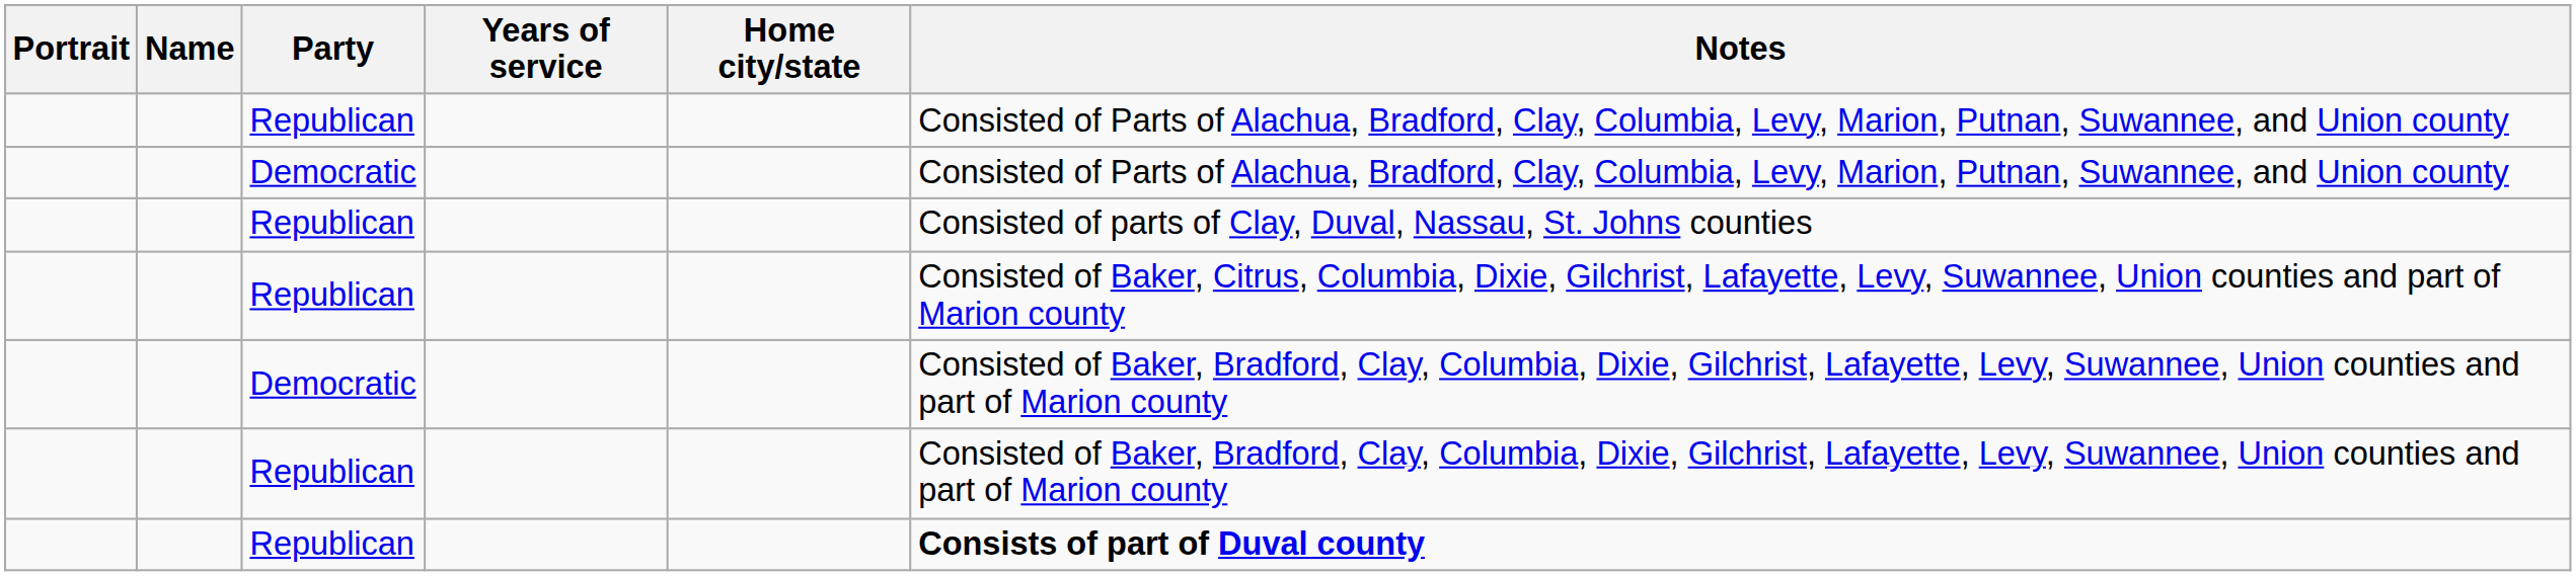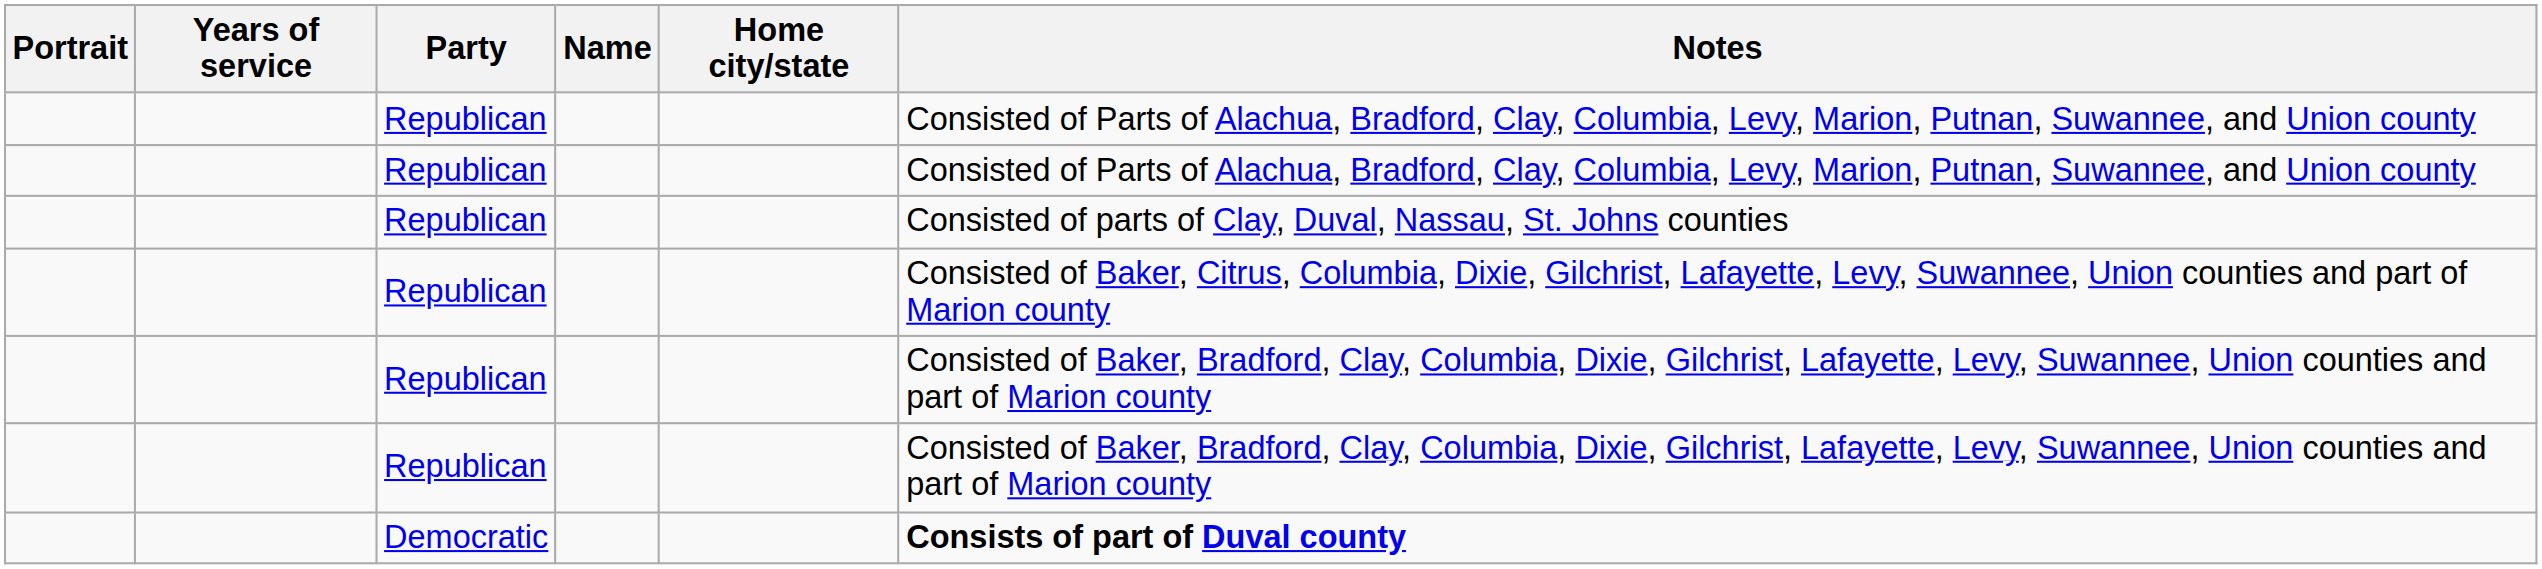 <table class="wikitable sortable">
 <tr>
 <th>Portrait</th>
+<th>Years of service</th>
+<th>Party</th>
 <th>Name</th>
-<th>Party</th>
-<th>Years of service</th>
 <th>Home city/state</th>
 <th>Notes</th>
 </tr>
 <tr>
 <td></td>
 <td></td>
 <td><a href='#'>Republican</a></td>
 <td></td>
 <td></td>
 <td>Consisted of Parts of <a href='#'>Alachua</a>, <a href='#'>Bradford</a>, <a href='#'>Clay</a>, <a href='#'>Columbia</a>, <a href='#'>Levy</a>, <a href='#'>Marion</a>, <a href='#'>Putnan</a>, <a href='#'>Suwannee</a>, and <a href='#'>Union county</a></td>
 </tr>
 <tr>
 <td></td>
 <td></td>
-<td><a href='#'>Democratic</a></td>
+<td><a href='#'>Republican</a></td>
 <td></td>
 <td></td>
 <td>Consisted of Parts of <a href='#'>Alachua</a>, <a href='#'>Bradford</a>, <a href='#'>Clay</a>, <a href='#'>Columbia</a>, <a href='#'>Levy</a>, <a href='#'>Marion</a>, <a href='#'>Putnan</a>, <a href='#'>Suwannee</a>, and <a href='#'>Union county</a></td>
 </tr>
 <tr>
 <td></td>
 <td></td>
 <td><a href='#'>Republican</a></td>
 <td></td>
 <td></td>
 <td>Consisted of parts of <a href='#'>Clay</a>, <a href='#'>Duval</a>, <a href='#'>Nassau</a>, <a href='#'>St. Johns</a> counties</td>
 </tr>
 <tr>
 <td></td>
 <td></td>
 <td><a href='#'>Republican</a></td>
 <td></td>
 <td></td>
 <td>Consisted of <a href='#'>Baker</a>, <a href='#'>Citrus</a>, <a href='#'>Columbia</a>, <a href='#'>Dixie</a>, <a href='#'>Gilchrist</a>, <a href='#'>Lafayette</a>, <a href='#'>Levy</a>, <a href='#'>Suwannee</a>, <a href='#'>Union</a> counties and part of <a href='#'>Marion county</a></td>
 </tr>
 <tr>
 <td></td>
 <td></td>
-<td><a href='#'>Democratic</a></td>
+<td><a href='#'>Republican</a></td>
 <td></td>
 <td></td>
 <td>Consisted of <a href='#'>Baker</a>, <a href='#'>Bradford</a>, <a href='#'>Clay</a>, <a href='#'>Columbia</a>, <a href='#'>Dixie</a>, <a href='#'>Gilchrist</a>, <a href='#'>Lafayette</a>, <a href='#'>Levy</a>, <a href='#'>Suwannee</a>, <a href='#'>Union</a> counties and part of <a href='#'>Marion county</a></td>
 </tr>
 <tr>
 <td></td>
 <td></td>
 <td><a href='#'>Republican</a></td>
 <td></td>
 <td></td>
 <td>Consisted of <a href='#'>Baker</a>, <a href='#'>Bradford</a>, <a href='#'>Clay</a>, <a href='#'>Columbia</a>, <a href='#'>Dixie</a>, <a href='#'>Gilchrist</a>, <a href='#'>Lafayette</a>, <a href='#'>Levy</a>, <a href='#'>Suwannee</a>, <a href='#'>Union</a> counties and part of <a href='#'>Marion county</a></td>
 </tr>
 <tr>
 <td></td>
 <td></td>
-<td><a href='#'>Republican</a></td>
+<td><a href='#'>Democratic</a></td>
 <td></td>
 <td></td>
 <td><strong>Consists of part of <a href='#'>Duval county</a></strong></td>
 </tr>
 </table>
